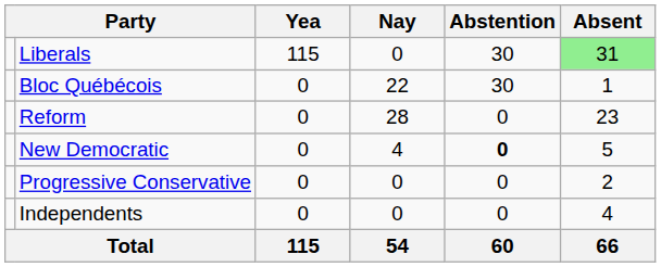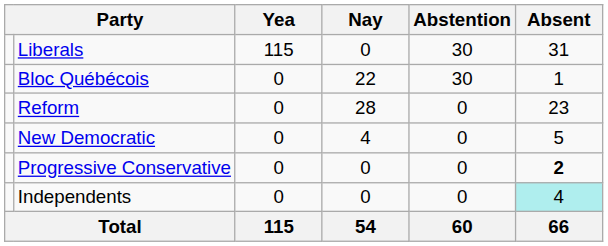 <table class="wikitable" align="center" style="text-align:center; font-size:90%">
 <tr>
 <th colspan="2">Party</th>
 <th width=60px>Yea</th>
 <th width=60px>Nay</th>
 <th width=60px>Abstention</th>
 <th width=60px>Absent</th>
 </tr>
 <tr>
 <td style="background:"></td>
 <td align="left"><a href='#'>Liberals</a></td>
 <td>115</td>
 <td>0</td>
 <td>30</td>
-<td style="background: lightgreen;">31</td>
+<td>31</td>
 </tr>
 <tr>
 <td style="background:"></td>
 <td align="left"><a href='#'>Bloc Québécois</a></td>
 <td>0</td>
 <td>22</td>
 <td>30</td>
 <td>1</td>
 </tr>
 <tr>
 <td style="background:"></td>
 <td align="left"><a href='#'>Reform</a></td>
 <td>0</td>
 <td>28</td>
 <td>0</td>
 <td>23</td>
 </tr>
 <tr>
 <td style="background:"></td>
 <td align="left"><a href='#'>New Democratic</a></td>
 <td>0</td>
 <td>4</td>
-<td><strong>0</strong></td>
+<td>0</td>
 <td>5</td>
 </tr>
 <tr>
 <td style="background:"></td>
 <td align="left"><a href='#'>Progressive Conservative</a></td>
 <td>0</td>
 <td>0</td>
 <td>0</td>
-<td>2</td>
+<td><strong>2</strong></td>
 </tr>
 <tr>
 <td style="background:"></td>
 <td align="left">Independents</td>
 <td>0</td>
 <td>0</td>
 <td>0</td>
-<td>4</td>
+<td style="background: paleturquoise;">4</td>
 </tr>
 <tr>
 <th colspan=2>Total</th>
 <th>115</th>
 <th>54</th>
 <th>60</th>
 <th>66</th>
 </tr>
 </table>
